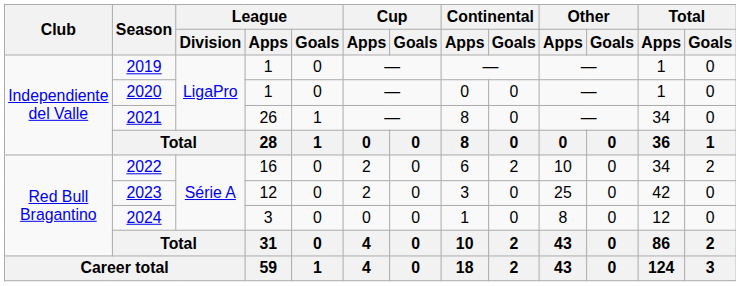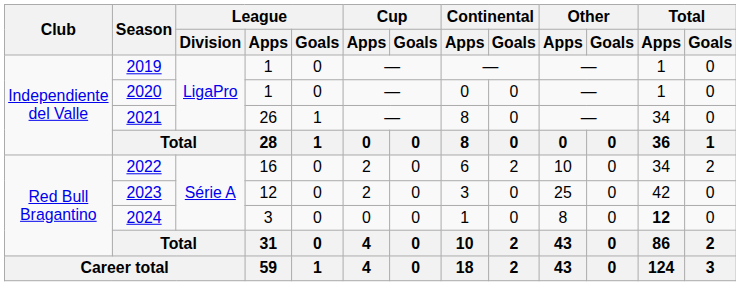 <table class="wikitable" style="text-align: center">
 <tr>
 <th rowspan="2">Club</th>
 <th rowspan="2">Season</th>
 <th colspan="3">League</th>
 <th colspan="2">Cup</th>
 <th colspan="2">Continental</th>
 <th colspan="2">Other</th>
 <th colspan="2">Total</th>
 </tr>
 <tr>
 <th>Division</th>
 <th>Apps</th>
 <th>Goals</th>
 <th>Apps</th>
 <th>Goals</th>
 <th>Apps</th>
 <th>Goals</th>
 <th>Apps</th>
 <th>Goals</th>
 <th>Apps</th>
 <th>Goals</th>
 </tr>
 <tr>
 <td rowspan="4"><a href='#'>Independiente del Valle</a></td>
 <td><a href='#'>2019</a></td>
 <td rowspan="3"><a href='#'>LigaPro</a></td>
 <td>1</td>
 <td>0</td>
 <td colspan="2">—</td>
 <td colspan="2">—</td>
 <td colspan="2">—</td>
 <td>1</td>
 <td>0</td>
 </tr>
 <tr>
 <td><a href='#'>2020</a></td>
 <td>1</td>
 <td>0</td>
 <td colspan="2">—</td>
 <td>0</td>
 <td>0</td>
 <td colspan="2">—</td>
 <td>1</td>
 <td>0</td>
 </tr>
 <tr>
 <td><a href='#'>2021</a></td>
 <td>26</td>
 <td>1</td>
 <td colspan="2">—</td>
 <td>8</td>
 <td>0</td>
 <td colspan="2">—</td>
 <td>34</td>
 <td>0</td>
 </tr>
 <tr>
 <th colspan="2"><strong>Total</strong></th>
 <th>28</th>
 <th>1</th>
 <th>0</th>
 <th>0</th>
 <th>8</th>
 <th>0</th>
 <th>0</th>
 <th>0</th>
 <th>36</th>
 <th>1</th>
 </tr>
 <tr>
 <td rowspan="4"><a href='#'>Red Bull Bragantino</a></td>
 <td><a href='#'>2022</a></td>
 <td rowspan="3"><a href='#'>Série A</a></td>
 <td>16</td>
 <td>0</td>
 <td>2</td>
 <td>0</td>
 <td>6</td>
 <td>2</td>
 <td>10</td>
 <td>0</td>
 <td>34</td>
 <td>2</td>
 </tr>
 <tr>
 <td><a href='#'>2023</a></td>
 <td>12</td>
 <td>0</td>
 <td>2</td>
 <td>0</td>
 <td>3</td>
 <td>0</td>
 <td>25</td>
 <td>0</td>
 <td>42</td>
 <td>0</td>
 </tr>
 <tr>
 <td><a href='#'>2024</a></td>
 <td>3</td>
 <td>0</td>
 <td>0</td>
 <td>0</td>
 <td>1</td>
 <td>0</td>
 <td>8</td>
 <td>0</td>
-<td>12</td>
+<td><strong>12</strong></td>
 <td>0</td>
 </tr>
 <tr>
 <th colspan="2"><strong>Total</strong></th>
 <th>31</th>
 <th>0</th>
 <th>4</th>
 <th>0</th>
 <th>10</th>
 <th>2</th>
 <th>43</th>
 <th>0</th>
 <th>86</th>
 <th>2</th>
 </tr>
 <tr>
 <th colspan="3"><strong>Career total</strong></th>
 <th>59</th>
 <th>1</th>
 <th>4</th>
 <th>0</th>
 <th>18</th>
 <th>2</th>
 <th>43</th>
 <th>0</th>
 <th>124</th>
 <th>3</th>
 </tr>
 </table>
